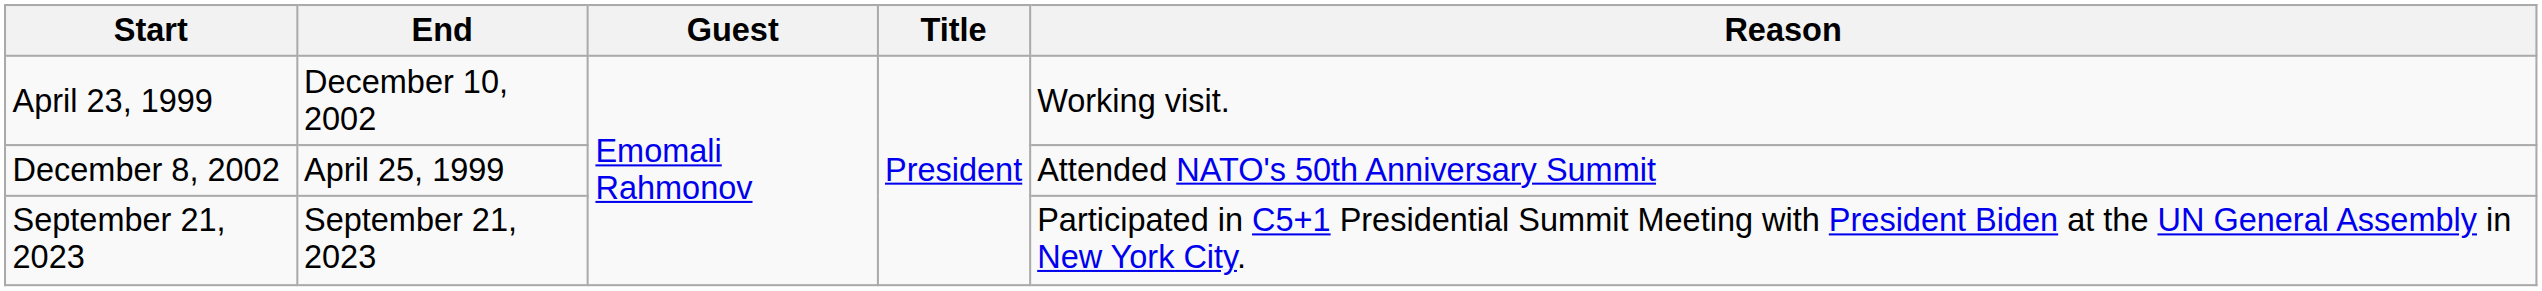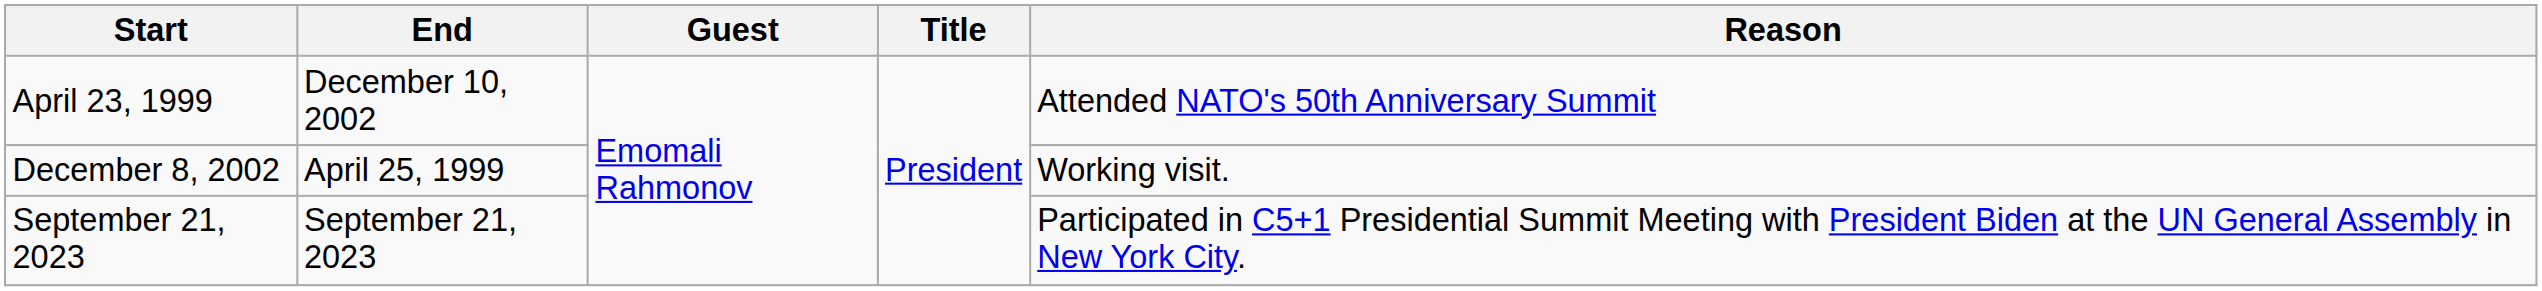 <table class="wikitable sortable">
 <tr>
 <th>Start</th>
 <th>End</th>
 <th>Guest</th>
 <th>Title</th>
 <th>Reason</th>
 </tr>
 <tr>
 <td>April 23, 1999</td>
 <td>December 10, 2002</td>
 <td rowspan=3><a href='#'>Emomali Rahmonov</a></td>
 <td rowspan=3><a href='#'>President</a></td>
-<td>Working visit.</td>
+<td>Attended <a href='#'>NATO's 50th Anniversary Summit</a></td>
 </tr>
 <tr>
 <td>December 8, 2002</td>
 <td>April 25, 1999</td>
-<td>Attended <a href='#'>NATO's 50th Anniversary Summit</a></td>
+<td>Working visit.</td>
 </tr>
 <tr>
 <td>September 21, 2023</td>
 <td>September 21, 2023</td>
 <td>Participated in <a href='#'>C5+1</a> Presidential Summit Meeting with <a href='#'>President Biden</a> at the <a href='#'>UN General Assembly</a> in <a href='#'>New York City</a>.</td>
 </tr>
 </table>
